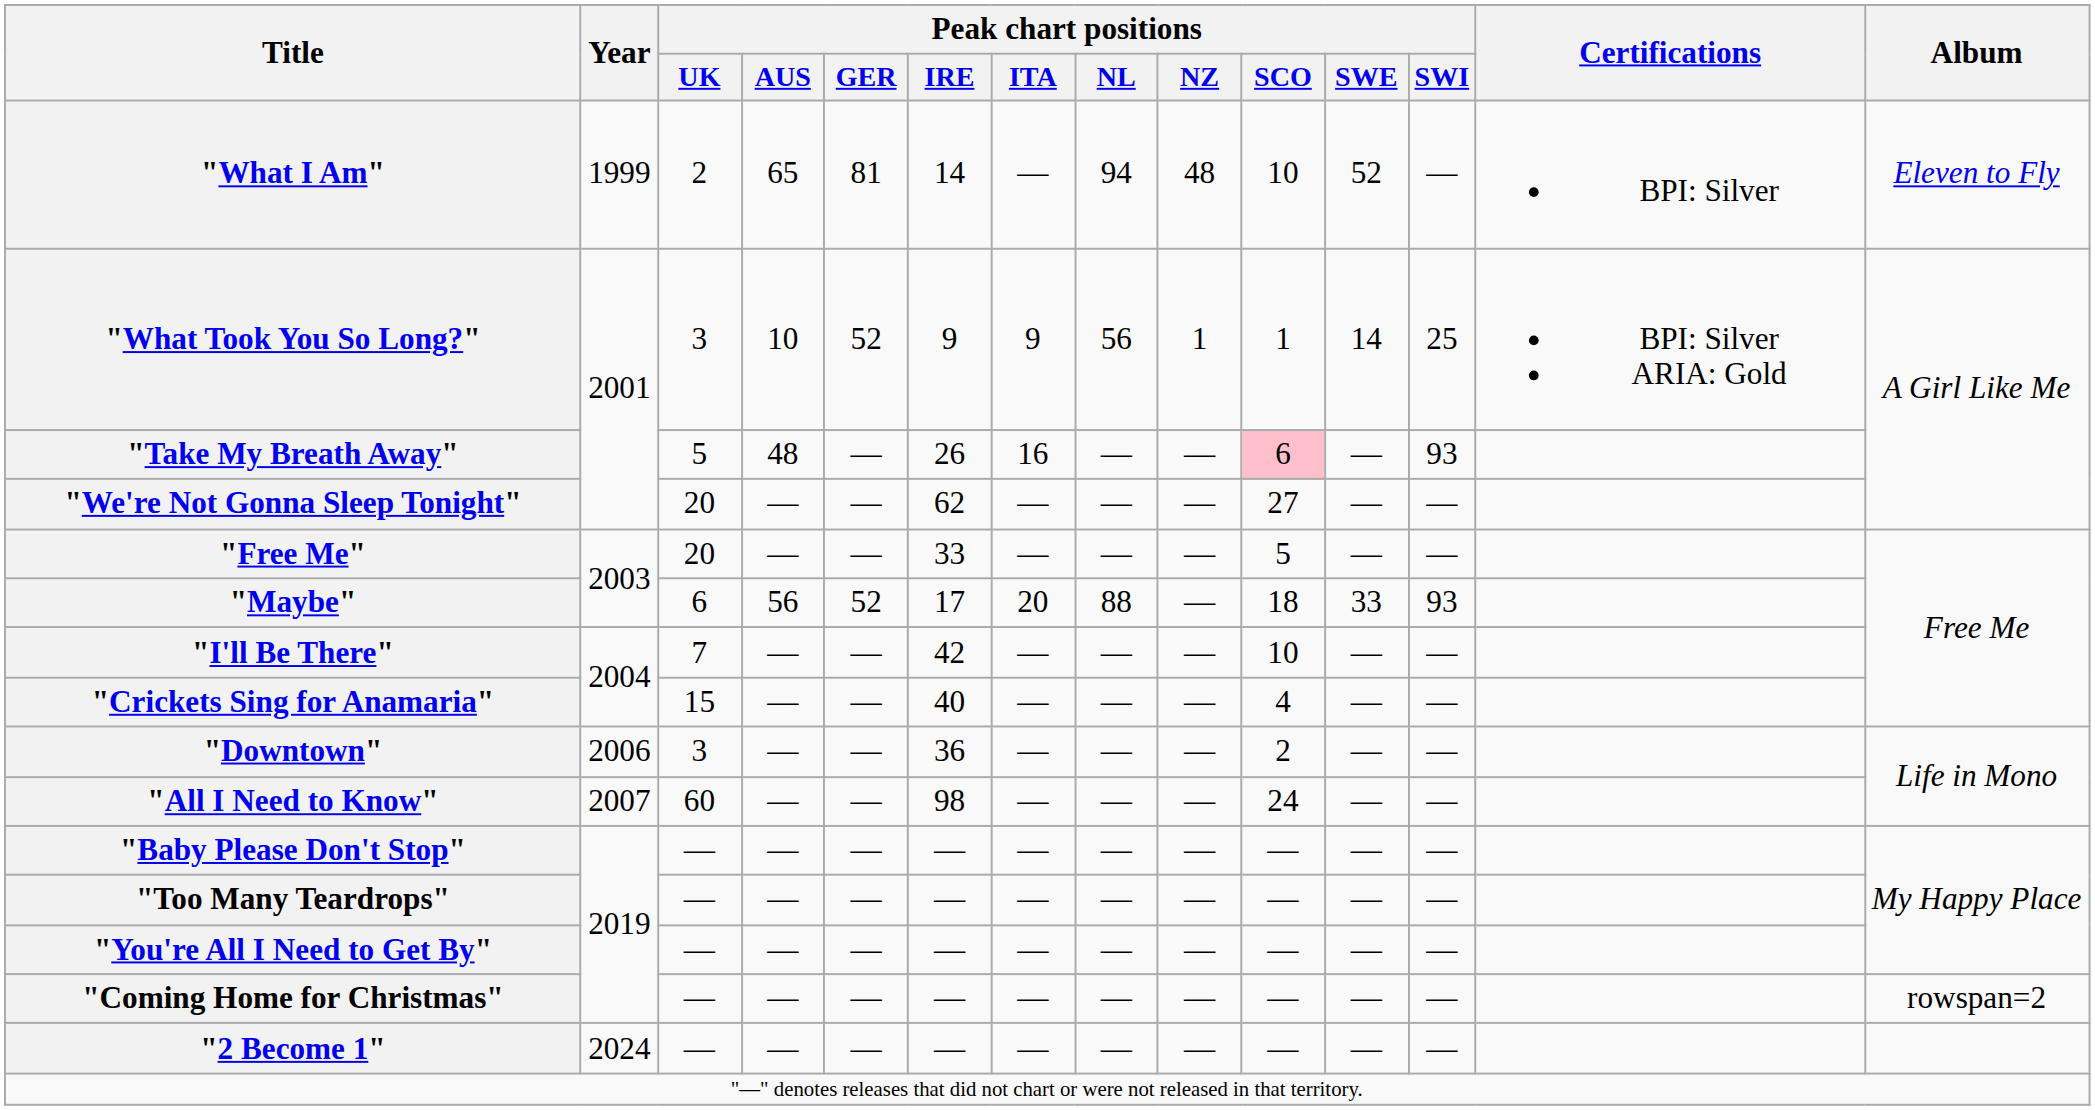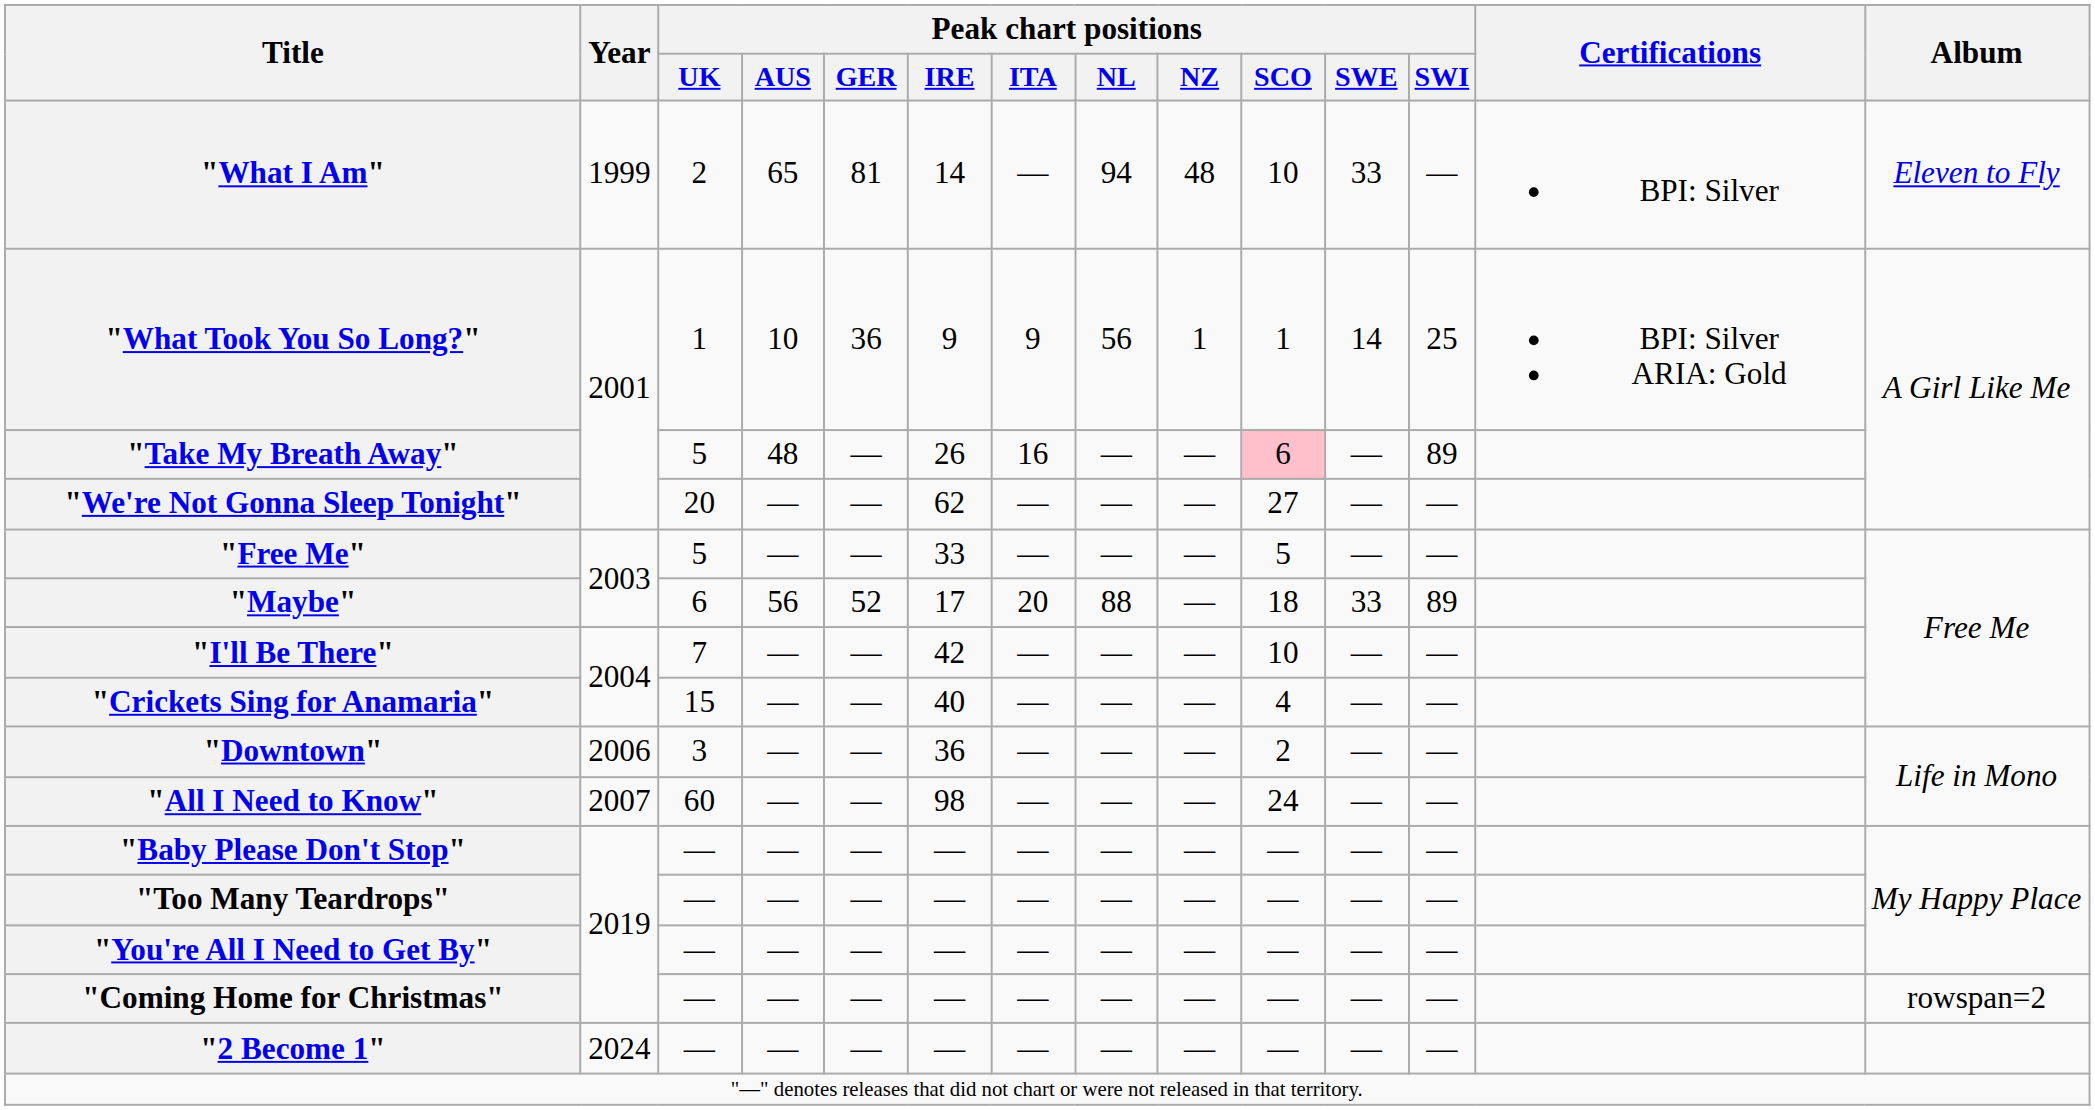 <table class="wikitable plainrowheaders" style="text-align:center;" border="1">
 <tr>
 <th scope="col" rowspan="2" style="width:18em;">Title</th>
 <th scope="col" rowspan="2">Year</th>
 <th scope="col" colspan="10">Peak chart positions</th>
 <th scope="col" rowspan="2" style="width:12em;"><a href='#'>Certifications</a></th>
 <th scope="col" rowspan="2">Album</th>
 </tr>
 <tr>
 <th scope="col" style="width:2.5em;font-size:90%;"><a href='#'>UK</a><br></th>
 <th scope="col" style="width:2.5em;font-size:90%;"><a href='#'>AUS</a><br></th>
 <th scope="col" style="width:2.5em;font-size:90%;"><a href='#'>GER</a><br></th>
 <th scope="col" style="width:2.5em;font-size:90%;"><a href='#'>IRE</a><br></th>
 <th scope="col" style="width:2.5em;font-size:90%;"><a href='#'>ITA</a><br></th>
 <th scope="col" style="width:2.5em;font-size:90%;"><a href='#'>NL</a><br></th>
 <th scope="col" style="width:2.5em;font-size:90%;"><a href='#'>NZ</a><br></th>
 <th scope="col" style="width:2.5em;font-size:90%;"><a href='#'>SCO</a><br></th>
 <th scope="col" style="width:2.5em;font-size:90%;"><a href='#'>SWE</a><br></th>
 <th scope="col" style="width:;font-size:90%;"><a href='#'>SWI</a><br></th>
 </tr>
 <tr>
 <th scope="row">"<a href='#'>What I Am</a>"<br></th>
 <td>1999</td>
 <td>2</td>
 <td>65</td>
 <td>81</td>
 <td>14</td>
 <td>—</td>
 <td>94</td>
 <td>48</td>
 <td>10</td>
-<td>52</td>
+<td>33</td>
 <td>—</td>
 <td><br><ul><li>BPI: Silver</li></ul></td>
 <td><em><a href='#'>Eleven to Fly</a></em></td>
 </tr>
 <tr>
 <th scope="row">"<a href='#'>What Took You So Long?</a>"</th>
 <td rowspan="3">2001</td>
-<td>3</td>
+<td>1</td>
 <td>10</td>
-<td>52</td>
+<td>36</td>
 <td>9</td>
 <td>9</td>
 <td>56</td>
 <td>1</td>
 <td>1</td>
 <td>14</td>
 <td>25</td>
 <td><br><ul><li>BPI: Silver</li><li>ARIA: Gold</li></ul></td>
 <td rowspan="3"><em>A Girl Like Me</em></td>
 </tr>
 <tr>
 <th scope="row">"<a href='#'>Take My Breath Away</a>"</th>
 <td>5</td>
 <td>48</td>
 <td>—</td>
 <td>26</td>
 <td>16</td>
 <td>—</td>
 <td>—</td>
 <td style="background: pink;">6</td>
 <td>—</td>
-<td>93</td>
+<td>89</td>
 <td></td>
 </tr>
 <tr>
 <th scope="row">"<a href='#'>We're Not Gonna Sleep Tonight</a>"</th>
 <td>20</td>
 <td>—</td>
 <td>—</td>
 <td>62</td>
 <td>—</td>
 <td>—</td>
 <td>—</td>
 <td>27</td>
 <td>—</td>
 <td>—</td>
 <td></td>
 </tr>
 <tr>
 <th scope="row">"<a href='#'>Free Me</a>"</th>
 <td rowspan="2">2003</td>
-<td>20</td>
+<td>5</td>
 <td>—</td>
 <td>—</td>
 <td>33</td>
 <td>—</td>
 <td>—</td>
 <td>—</td>
 <td>5</td>
 <td>—</td>
 <td>—</td>
 <td></td>
 <td rowspan="4"><em>Free Me</em></td>
 </tr>
 <tr>
 <th scope="row">"<a href='#'>Maybe</a>"</th>
 <td>6</td>
 <td>56</td>
 <td>52</td>
 <td>17</td>
 <td>20</td>
 <td>88</td>
 <td>—</td>
 <td>18</td>
 <td>33</td>
-<td>93</td>
+<td>89</td>
 <td></td>
 </tr>
 <tr>
 <th scope="row">"<a href='#'>I'll Be There</a>"</th>
 <td rowspan="2">2004</td>
 <td>7</td>
 <td>—</td>
 <td>—</td>
 <td>42</td>
 <td>—</td>
 <td>—</td>
 <td>—</td>
 <td>10</td>
 <td>—</td>
 <td>—</td>
 <td></td>
 </tr>
 <tr>
 <th scope="row">"<a href='#'>Crickets Sing for Anamaria</a>"</th>
 <td>15</td>
 <td>—</td>
 <td>—</td>
 <td>40</td>
 <td>—</td>
 <td>—</td>
 <td>—</td>
 <td>4</td>
 <td>—</td>
 <td>—</td>
 <td></td>
 </tr>
 <tr>
 <th scope="row">"<a href='#'>Downtown</a>"</th>
 <td>2006</td>
 <td>3</td>
 <td>—</td>
 <td>—</td>
 <td>36</td>
 <td>—</td>
 <td>—</td>
 <td>—</td>
 <td>2</td>
 <td>—</td>
 <td>—</td>
 <td></td>
 <td rowspan="2"><em>Life in Mono</em></td>
 </tr>
 <tr>
 <th scope="row">"<a href='#'>All I Need to Know</a>"</th>
 <td>2007</td>
 <td>60</td>
 <td>—</td>
 <td>—</td>
 <td>98</td>
 <td>—</td>
 <td>—</td>
 <td>—</td>
 <td>24</td>
 <td>—</td>
 <td>—</td>
 </tr>
 <tr>
 <th scope="row">"<a href='#'>Baby Please Don't Stop</a>"</th>
 <td rowspan="4">2019</td>
 <td>—</td>
 <td>—</td>
 <td>—</td>
 <td>—</td>
 <td>—</td>
 <td>—</td>
 <td>—</td>
 <td>—</td>
 <td>—</td>
 <td>—</td>
 <td></td>
 <td rowspan="3"><em>My Happy Place</em></td>
 </tr>
 <tr>
 <th scope="row">"Too Many Teardrops"</th>
 <td>—</td>
 <td>—</td>
 <td>—</td>
 <td>—</td>
 <td>—</td>
 <td>—</td>
 <td>—</td>
 <td>—</td>
 <td>—</td>
 <td>—</td>
 <td></td>
 </tr>
 <tr>
 <th scope="row">"<a href='#'>You're All I Need to Get By</a>"<br></th>
 <td>—</td>
 <td>—</td>
 <td>—</td>
 <td>—</td>
 <td>—</td>
 <td>—</td>
 <td>—</td>
 <td>—</td>
 <td>—</td>
 <td>—</td>
 <td></td>
 </tr>
 <tr>
 <th scope="row">"Coming Home for Christmas"</th>
 <td>—</td>
 <td>—</td>
 <td>—</td>
 <td>—</td>
 <td>—</td>
 <td>—</td>
 <td>—</td>
 <td>—</td>
 <td>—</td>
 <td>—</td>
 <td></td>
 <td>rowspan=2 </td>
 </tr>
 <tr>
 <th scope="row">"<a href='#'>2 Become 1</a>"</th>
 <td>2024</td>
 <td>—</td>
 <td>—</td>
 <td>—</td>
 <td>—</td>
 <td>—</td>
 <td>—</td>
 <td>—</td>
 <td>—</td>
 <td>—</td>
 <td>—</td>
 <td></td>
 </tr>
 <tr>
 <td colspan="14" style="font-size:8pt">"—" denotes releases that did not chart or were not released in that territory.</td>
 </tr>
 </table>
